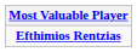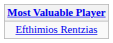 <table class=wikitable style="text-align:center; margin:auto">
 <tr>
 <th><a href='#'>Most Valuable Player</a></th>
 </tr>
 <tr>
-<td><strong> <a href='#'>Efthimios Rentzias</a></strong></td>
+<td> <a href='#'>Efthimios Rentzias</a></td>
 </tr>
 </table>
